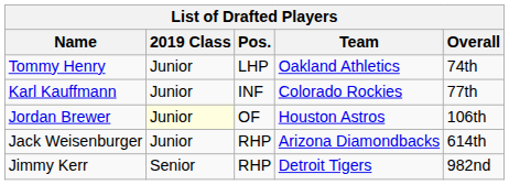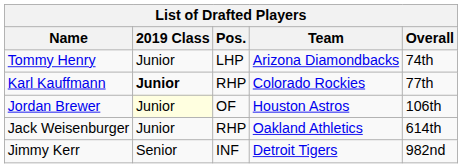 <table class="wikitable">
 <tr>
 <th colspan="6">List of Drafted Players</th>
 </tr>
 <tr>
 <th>Name</th>
 <th>2019 Class</th>
 <th>Pos.</th>
 <th>Team</th>
 <th>Overall</th>
 </tr>
 <tr>
 <td><a href='#'>Tommy Henry</a></td>
 <td>Junior</td>
 <td>LHP</td>
-<td><a href='#'>Oakland Athletics</a></td>
+<td><a href='#'>Arizona Diamondbacks</a></td>
 <td>74th</td>
 </tr>
 <tr>
 <td><a href='#'>Karl Kauffmann</a></td>
-<td>Junior</td>
-<td>INF</td>
+<td><strong>Junior</strong></td>
+<td>RHP</td>
 <td><a href='#'>Colorado Rockies</a></td>
 <td>77th</td>
 </tr>
 <tr>
 <td><a href='#'>Jordan Brewer</a></td>
 <td style="background: lightyellow;">Junior</td>
 <td>OF</td>
 <td><a href='#'>Houston Astros</a></td>
 <td>106th</td>
 </tr>
 <tr>
 <td>Jack Weisenburger</td>
 <td>Junior</td>
 <td>RHP</td>
-<td><a href='#'>Arizona Diamondbacks</a></td>
+<td><a href='#'>Oakland Athletics</a></td>
 <td>614th</td>
 </tr>
 <tr>
 <td>Jimmy Kerr</td>
 <td>Senior</td>
-<td>RHP</td>
+<td>INF</td>
 <td><a href='#'>Detroit Tigers</a></td>
 <td>982nd</td>
 </tr>
 </table>
